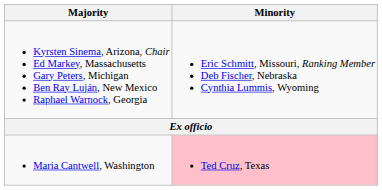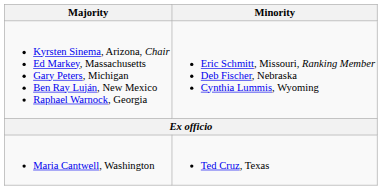 <table class=wikitable>
 <tr>
 <th>Majority</th>
 <th>Minority</th>
 </tr>
 <tr>
 <td><br><ul><li><span><a href='#'>Kyrsten Sinema</a>, Arizona, <em>Chair</em></span></li><li><a href='#'>Ed Markey</a>, Massachusetts</li><li><a href='#'>Gary Peters</a>, Michigan</li><li><a href='#'>Ben Ray Luján</a>, New Mexico</li><li><a href='#'>Raphael Warnock</a>, Georgia</li></ul></td>
 <td><br><ul><li><a href='#'>Eric Schmitt</a>, Missouri, <em>Ranking Member</em></li><li><a href='#'>Deb Fischer</a>, Nebraska</li><li><a href='#'>Cynthia Lummis</a>, Wyoming</li></ul></td>
 </tr>
 <tr>
 <th colspan=2><em>Ex officio</em></th>
 </tr>
 <tr>
 <td><br><ul><li><a href='#'>Maria Cantwell</a>, Washington</li></ul></td>
-<td style="background: pink;"><br><ul><li><a href='#'>Ted Cruz</a>, Texas</li></ul></td>
+<td><br><ul><li><a href='#'>Ted Cruz</a>, Texas</li></ul></td>
 </tr>
 </table>
